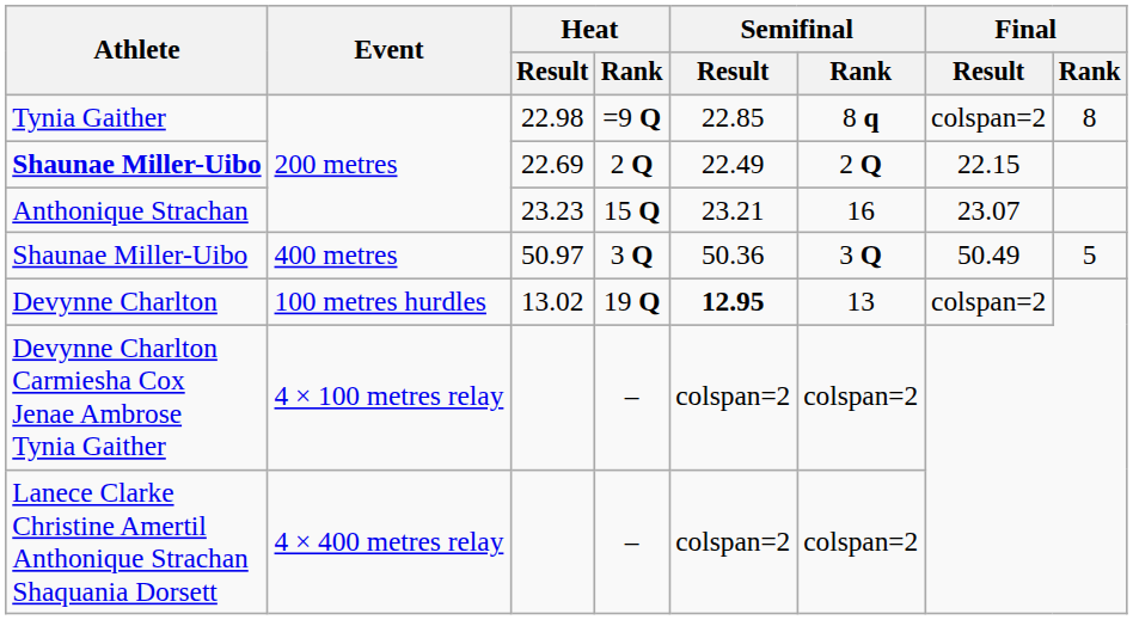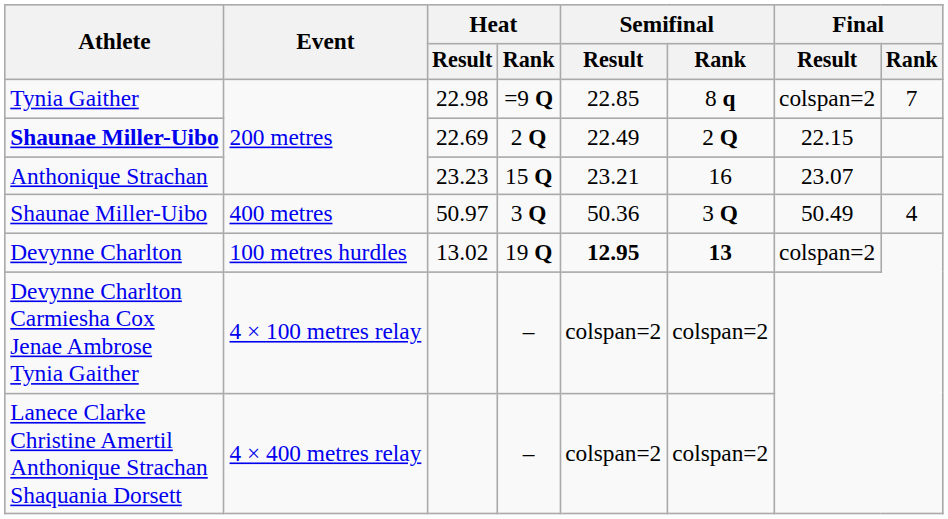 <table class=wikitable style=font-size:90%>
 <tr>
 <th rowspan=2>Athlete</th>
 <th rowspan=2>Event</th>
 <th colspan=2>Heat</th>
 <th colspan=2>Semifinal</th>
 <th colspan=2>Final</th>
 </tr>
 <tr style=font-size:95%>
 <th>Result</th>
 <th>Rank</th>
 <th>Result</th>
 <th>Rank</th>
 <th>Result</th>
 <th>Rank</th>
 </tr>
 <tr align=center>
 <td align=left><a href='#'>Tynia Gaither</a></td>
 <td align=left rowspan=3><a href='#'>200 metres</a></td>
 <td>22.98</td>
 <td>=9 <strong>Q</strong></td>
 <td>22.85</td>
 <td>8 <strong>q</strong></td>
 <td>colspan=2 </td>
-<td>8</td>
+<td>7</td>
 </tr>
 <tr align=center>
 <td align=left><strong><a href='#'>Shaunae Miller-Uibo</a></strong></td>
 <td>22.69</td>
 <td>2 <strong>Q</strong></td>
 <td>22.49</td>
 <td>2 <strong>Q</strong></td>
 <td>22.15</td>
 <td></td>
 </tr>
 <tr align=center>
 <td align=left><a href='#'>Anthonique Strachan</a></td>
 <td>23.23</td>
 <td>15 <strong>Q</strong></td>
 <td>23.21</td>
 <td>16</td>
 <td>23.07</td>
 </tr>
 <tr align=center>
 <td align=left><a href='#'>Shaunae Miller-Uibo</a></td>
 <td align=left><a href='#'>400 metres</a></td>
 <td>50.97</td>
 <td>3 <strong>Q</strong></td>
 <td>50.36</td>
 <td>3 <strong>Q</strong></td>
 <td>50.49</td>
-<td>5</td>
+<td>4</td>
 </tr>
 <tr align=center>
 <td align=left><a href='#'>Devynne Charlton</a></td>
 <td align=left><a href='#'>100 metres hurdles</a></td>
 <td>13.02</td>
 <td>19 <strong>Q</strong></td>
 <td><strong>12.95</strong></td>
-<td>13</td>
+<td><strong>13</strong></td>
 <td>colspan=2 </td>
 </tr>
 <tr align=center>
 <td align=left><a href='#'>Devynne Charlton</a><br><a href='#'>Carmiesha Cox</a><br><a href='#'>Jenae Ambrose</a><br><a href='#'>Tynia Gaither</a></td>
 <td align=left><a href='#'>4 × 100 metres relay</a></td>
 <td></td>
 <td>–</td>
 <td>colspan=2 </td>
 <td>colspan=2 </td>
 </tr>
 <tr align=center>
 <td align=left><a href='#'>Lanece Clarke</a><br><a href='#'>Christine Amertil</a><br><a href='#'>Anthonique Strachan</a><br><a href='#'>Shaquania Dorsett</a></td>
 <td align=left><a href='#'>4 × 400 metres relay</a></td>
 <td></td>
 <td>–</td>
 <td>colspan=2 </td>
 <td>colspan=2 </td>
 </tr>
 </table>
